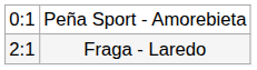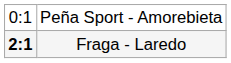 <table class="wikitable">
 <tr align=center bgcolor=white>
 <td>0:1</td>
 <td>Peña Sport - Amorebieta</td>
 </tr>
 <tr align=center bgcolor=#F5F5F5>
-<td>2:1</td>
+<td><strong>2:1</strong></td>
 <td>Fraga - Laredo</td>
 </tr>
 </table>
